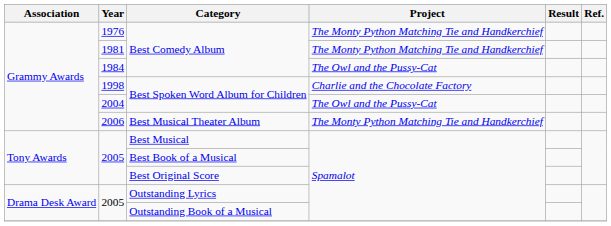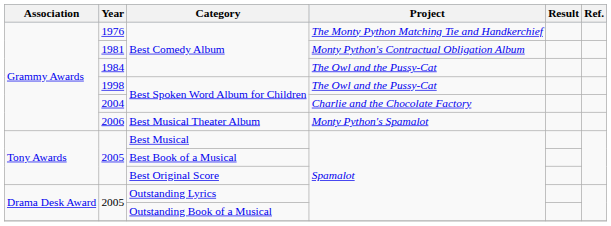 <table class="wikitable sortable">
 <tr style="background:#b0c4de;">
 <th>Association</th>
 <th>Year</th>
 <th>Category</th>
 <th>Project</th>
 <th>Result</th>
 <th class=unsortable>Ref.</th>
 </tr>
 <tr>
 <td rowspan=6><a href='#'>Grammy Awards</a></td>
 <td><a href='#'>1976</a></td>
 <td rowspan=3><a href='#'>Best Comedy Album</a></td>
 <td><em><a href='#'>The Monty Python Matching Tie and Handkerchief</a></em></td>
 <td></td>
 <td></td>
 </tr>
 <tr>
 <td><a href='#'>1981</a></td>
-<td><em><a href='#'>The Monty Python Matching Tie and Handkerchief</a></em></td>
+<td><em><a href='#'>Monty Python's Contractual Obligation Album</a></em></td>
 <td></td>
 <td></td>
 </tr>
 <tr>
 <td><a href='#'>1984</a></td>
 <td><em><a href='#'>The Owl and the Pussy-Cat</a></em></td>
 <td></td>
 <td></td>
 </tr>
 <tr>
 <td><a href='#'>1998</a></td>
 <td rowspan=2><a href='#'>Best Spoken Word Album for Children</a></td>
-<td><em><a href='#'>Charlie and the Chocolate Factory</a></em></td>
+<td><em><a href='#'>The Owl and the Pussy-Cat</a></em></td>
 <td></td>
 <td></td>
 </tr>
 <tr>
 <td><a href='#'>2004</a></td>
-<td><em><a href='#'>The Owl and the Pussy-Cat</a></em></td>
+<td><em><a href='#'>Charlie and the Chocolate Factory</a></em></td>
 <td></td>
 <td></td>
 </tr>
 <tr>
 <td><a href='#'>2006</a></td>
 <td><a href='#'>Best Musical Theater Album</a></td>
-<td><em><a href='#'>The Monty Python Matching Tie and Handkerchief</a></em></td>
+<td><em><a href='#'>Monty Python's Spamalot</a></em></td>
 <td></td>
 <td></td>
 </tr>
 <tr>
 <td rowspan=3><a href='#'>Tony Awards</a></td>
 <td rowspan=3><a href='#'>2005</a></td>
 <td><a href='#'>Best Musical</a></td>
 <td rowspan=5><em><a href='#'>Spamalot</a></em></td>
 <td></td>
 <td rowspan=3></td>
 </tr>
 <tr>
 <td><a href='#'>Best Book of a Musical</a></td>
 <td></td>
 </tr>
 <tr>
 <td><a href='#'>Best Original Score</a></td>
 <td></td>
 </tr>
 <tr>
 <td rowspan=2><a href='#'>Drama Desk Award</a></td>
 <td rowspan=2>2005</td>
 <td><a href='#'>Outstanding Lyrics</a></td>
 <td></td>
 <td rowspan=2></td>
 </tr>
 <tr>
 <td><a href='#'>Outstanding Book of a Musical</a></td>
 <td></td>
 </tr>
 <tr>
 </tr>
 </table>
